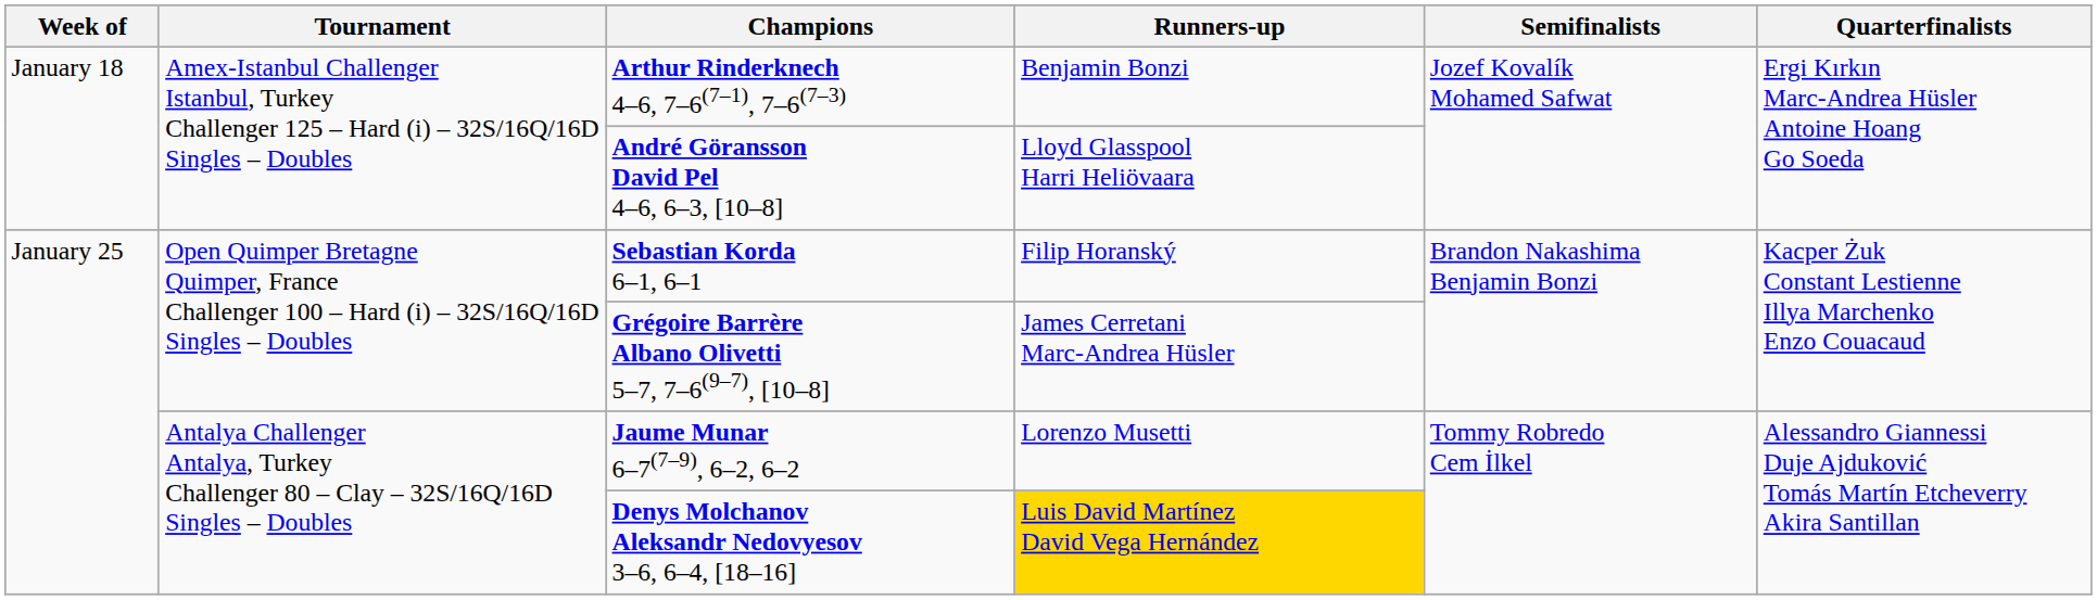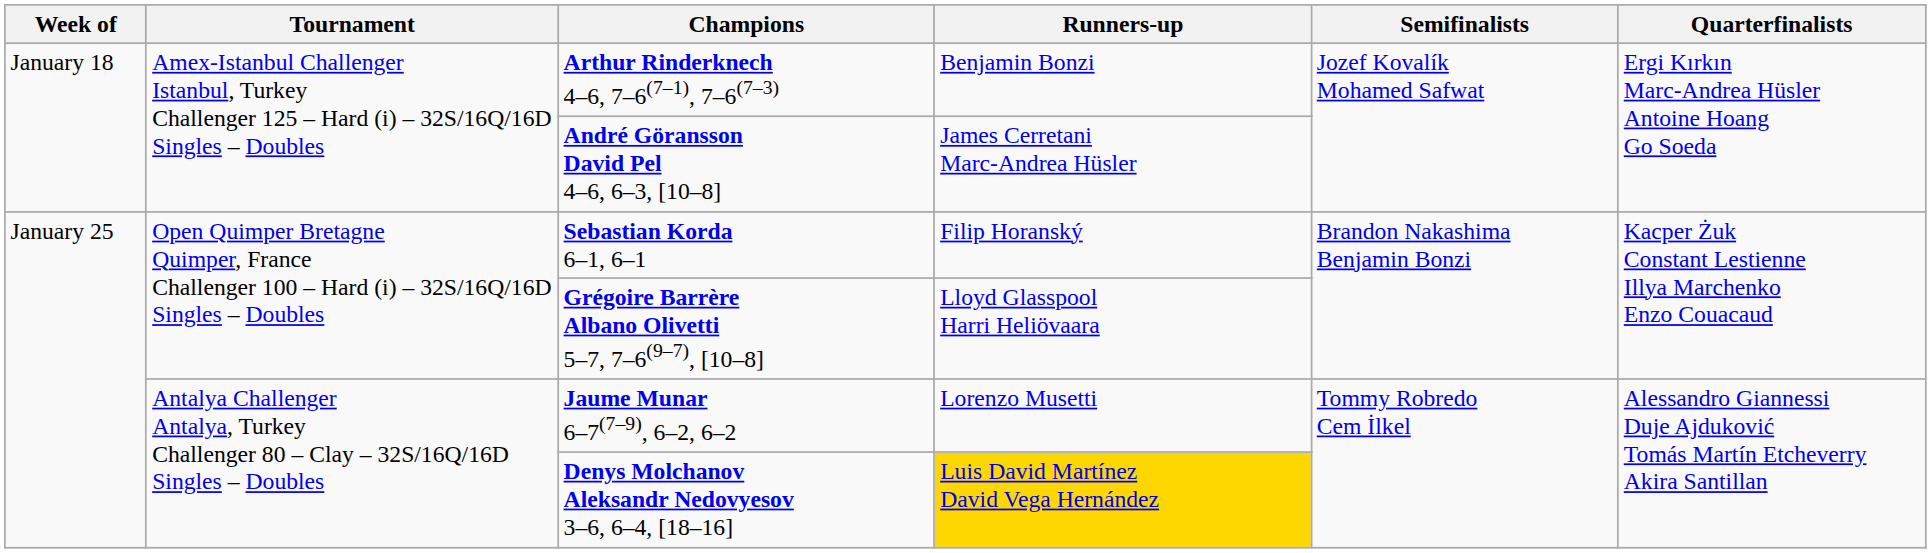 <table class="wikitable" style="font-size:85%;">
 <tr>
 <th width="75">Week of</th>
 <th width="230">Tournament</th>
 <th width="210">Champions</th>
 <th width="210">Runners-up</th>
 <th width="170">Semifinalists</th>
 <th width="170">Quarterfinalists</th>
 </tr>
 <tr valign=top>
 <td rowspan=2>January 18</td>
 <td rowspan=2><a href='#'>Amex-Istanbul Challenger</a><br><a href='#'>Istanbul</a>, Turkey <br> Challenger 125 – Hard (i) – 32S/16Q/16D<br><a href='#'>Singles</a> – <a href='#'>Doubles</a></td>
 <td> <strong><a href='#'>Arthur Rinderknech</a></strong><br>4–6, 7–6<sup>(7–1)</sup>, 7–6<sup>(7–3)</sup></td>
 <td> <a href='#'>Benjamin Bonzi</a></td>
 <td rowspan=2> <a href='#'>Jozef Kovalík</a> <br>  <a href='#'>Mohamed Safwat</a></td>
 <td rowspan=2> <a href='#'>Ergi Kırkın</a> <br> <a href='#'>Marc-Andrea Hüsler</a> <br> <a href='#'>Antoine Hoang</a> <br>  <a href='#'>Go Soeda</a></td>
 </tr>
 <tr valign=top>
 <td> <strong><a href='#'>André Göransson</a></strong><br> <strong><a href='#'>David Pel</a></strong><br>4–6, 6–3, [10–8]</td>
-<td> <a href='#'>Lloyd Glasspool</a><br> <a href='#'>Harri Heliövaara</a></td>
+<td> <a href='#'>James Cerretani</a><br> <a href='#'>Marc-Andrea Hüsler</a></td>
 </tr>
 <tr valign=top>
 <td rowspan=4>January 25</td>
 <td rowspan=2><a href='#'>Open Quimper Bretagne</a><br><a href='#'>Quimper</a>, France <br> Challenger 100 – Hard (i) – 32S/16Q/16D<br><a href='#'>Singles</a> – <a href='#'>Doubles</a></td>
 <td> <strong><a href='#'>Sebastian Korda</a></strong><br>6–1, 6–1</td>
 <td> <a href='#'>Filip Horanský</a></td>
 <td rowspan=2> <a href='#'>Brandon Nakashima</a> <br>  <a href='#'>Benjamin Bonzi</a></td>
 <td rowspan=2> <a href='#'>Kacper Żuk</a> <br> <a href='#'>Constant Lestienne</a><br> <a href='#'>Illya Marchenko</a> <br>  <a href='#'>Enzo Couacaud</a></td>
 </tr>
 <tr valign=top>
 <td> <strong><a href='#'>Grégoire Barrère</a></strong><br> <strong><a href='#'>Albano Olivetti</a></strong><br>5–7, 7–6<sup>(9–7)</sup>, [10–8]</td>
-<td> <a href='#'>James Cerretani</a><br> <a href='#'>Marc-Andrea Hüsler</a></td>
+<td> <a href='#'>Lloyd Glasspool</a><br> <a href='#'>Harri Heliövaara</a></td>
 </tr>
 <tr valign=top>
 <td rowspan=2><a href='#'>Antalya Challenger</a><br><a href='#'>Antalya</a>, Turkey <br> Challenger 80 – Clay – 32S/16Q/16D<br><a href='#'>Singles</a> – <a href='#'>Doubles</a></td>
 <td> <strong><a href='#'>Jaume Munar</a></strong><br>6–7<sup>(7–9)</sup>, 6–2, 6–2</td>
 <td> <a href='#'>Lorenzo Musetti</a></td>
 <td rowspan=2> <a href='#'>Tommy Robredo</a> <br>  <a href='#'>Cem İlkel</a></td>
 <td rowspan=2> <a href='#'>Alessandro Giannessi</a> <br> <a href='#'>Duje Ajduković</a> <br> <a href='#'>Tomás Martín Etcheverry</a> <br>  <a href='#'>Akira Santillan</a></td>
 </tr>
 <tr valign=top>
 <td> <strong><a href='#'>Denys Molchanov</a></strong><br> <strong><a href='#'>Aleksandr Nedovyesov</a></strong><br>3–6, 6–4, [18–16]</td>
 <td style="background: gold;"> <a href='#'>Luis David Martínez</a><br> <a href='#'>David Vega Hernández</a></td>
 </tr>
 </table>
